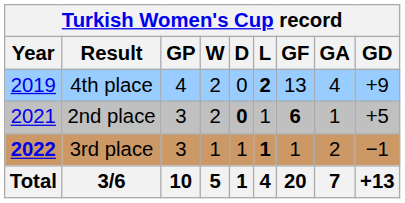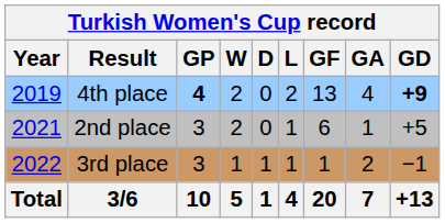 <table class="wikitable" style="text-align: center; width:50%;">
 <tr>
 <th colspan=9> <a href='#'>Turkish Women's Cup</a> record</th>
 </tr>
 <tr>
 <th>Year</th>
 <th>Result</th>
 <th>GP</th>
 <th>W</th>
 <th>D</th>
 <th>L</th>
 <th>GF</th>
 <th>GA</th>
 <th>GD</th>
 </tr>
 <tr bgcolor=#9acdff>
 <td><a href='#'>2019</a></td>
 <td>4th place</td>
-<td>4</td>
+<td><strong>4</strong></td>
 <td>2</td>
 <td>0</td>
-<td><strong>2</strong></td>
+<td>2</td>
 <td>13</td>
 <td>4</td>
-<td>+9</td>
+<td><strong>+9</strong></td>
 </tr>
 <tr bgcolor=silver>
 <td><a href='#'>2021</a></td>
 <td>2nd place</td>
 <td>3</td>
 <td>2</td>
-<td><strong>0</strong></td>
+<td>0</td>
 <td>1</td>
-<td><strong>6</strong></td>
+<td>6</td>
 <td>1</td>
 <td>+5</td>
 </tr>
 <tr bgcolor="#cc9966">
-<td><strong><a href='#'>2022</a></strong></td>
+<td><a href='#'>2022</a></td>
 <td>3rd place</td>
 <td>3</td>
 <td>1</td>
 <td>1</td>
-<td><strong>1</strong></td>
+<td>1</td>
 <td>1</td>
 <td>2</td>
 <td>−1</td>
 </tr>
 <tr>
 <th>Total</th>
 <th>3/6</th>
 <th>10</th>
 <th>5</th>
 <th>1</th>
 <th>4</th>
 <th>20</th>
 <th>7</th>
 <th>+13</th>
 </tr>
 </table>
